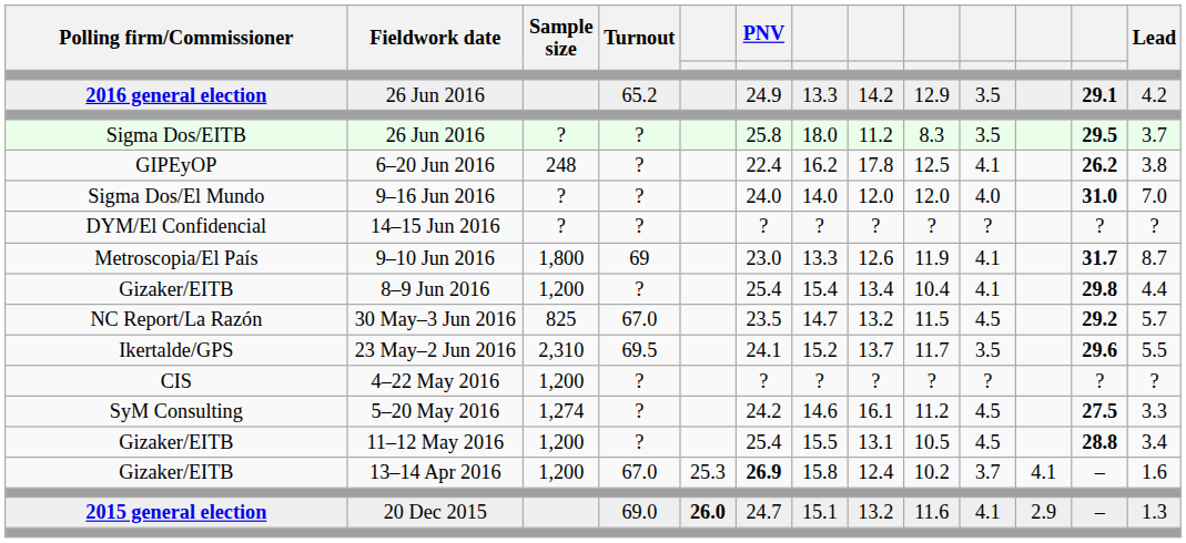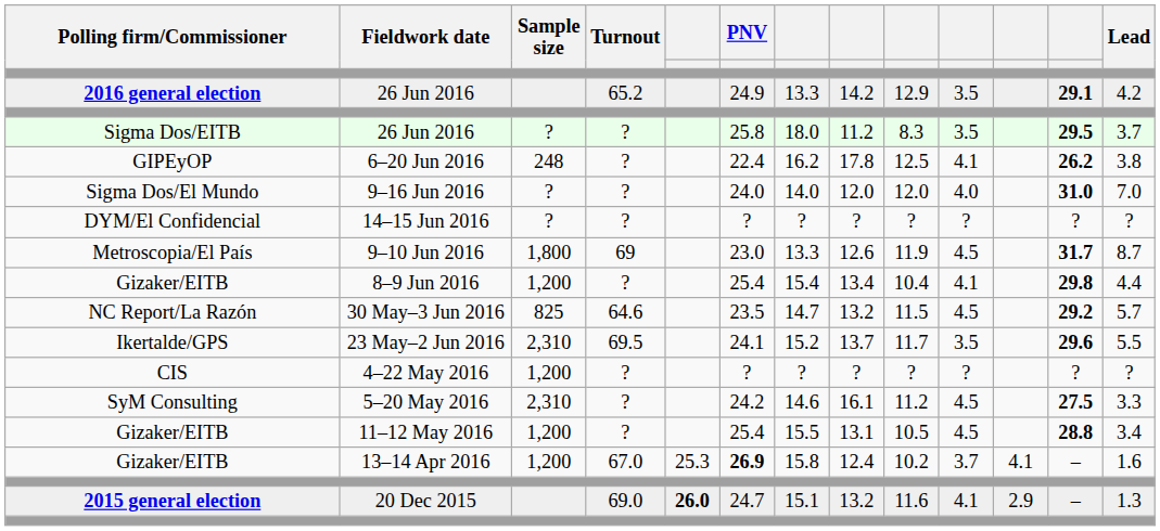 <table class="wikitable collapsible collapsed" style="text-align:center; font-size:95%; line-height:16px;">
 <tr style="height:42px; background-color:#E9E9E9">
 <th style="width:250px;" rowspan="2">Polling firm/Commissioner</th>
 <th style="width:125px;" rowspan="2">Fieldwork date</th>
 <th style="width:50px;" rowspan="2">Sample size</th>
 <th style="width:45px;" rowspan="2">Turnout</th>
 <th style="width:35px;"></th>
 <th style="width:35px;"><a href='#'>PNV</a></th>
 <th style="width:35px;"></th>
 <th style="width:35px;"></th>
 <th style="width:35px;"></th>
 <th style="width:35px;"></th>
 <th style="width:35px;"></th>
 <th style="width:35px;"></th>
 <th style="width:30px;" rowspan="2">Lead</th>
 </tr>
 <tr>
 <th style="color:inherit;background:"></th>
 <th style="color:inherit;background:"></th>
 <th style="color:inherit;background:"></th>
 <th style="color:inherit;background:"></th>
 <th style="color:inherit;background:"></th>
 <th style="color:inherit;background:"></th>
 <th style="color:inherit;background:"></th>
 <th style="color:inherit;background:"></th>
 </tr>
 <tr>
 <td colspan="13" style="background:#A0A0A0"></td>
 </tr>
 <tr style="background:#EFEFEF;">
 <td><strong><a href='#'>2016 general election</a></strong></td>
 <td>26 Jun 2016</td>
 <td></td>
 <td>65.2</td>
 <td></td>
 <td>24.9<br></td>
 <td>13.3<br></td>
 <td>14.2<br></td>
 <td>12.9<br></td>
 <td>3.5<br></td>
 <td></td>
 <td><strong>29.1</strong><br></td>
 <td style="background:">4.2</td>
 </tr>
 <tr>
 <td colspan="13" style="background:#A0A0A0"></td>
 </tr>
 <tr style="background:#EAFFEA;">
 <td>Sigma Dos/EITB</td>
 <td>26 Jun 2016</td>
 <td>?</td>
 <td>?</td>
 <td></td>
 <td>25.8<br></td>
 <td>18.0<br></td>
 <td>11.2<br></td>
 <td>8.3<br></td>
 <td>3.5<br></td>
 <td></td>
 <td><strong>29.5</strong><br></td>
 <td style="background:">3.7</td>
 </tr>
 <tr>
 <td>GIPEyOP</td>
 <td>6–20 Jun 2016</td>
 <td>248</td>
 <td>?</td>
 <td></td>
 <td>22.4<br></td>
 <td>16.2<br></td>
 <td>17.8<br></td>
 <td>12.5<br></td>
 <td>4.1<br></td>
 <td></td>
 <td><strong>26.2</strong><br></td>
 <td style="background:">3.8</td>
 </tr>
 <tr>
 <td>Sigma Dos/El Mundo</td>
 <td>9–16 Jun 2016</td>
 <td>?</td>
 <td>?</td>
 <td></td>
 <td>24.0<br></td>
 <td>14.0<br></td>
 <td>12.0<br></td>
 <td>12.0<br></td>
 <td>4.0<br></td>
 <td></td>
 <td><strong>31.0</strong><br></td>
 <td style="background:">7.0</td>
 </tr>
 <tr>
 <td>DYM/El Confidencial</td>
 <td>14–15 Jun 2016</td>
 <td>?</td>
 <td>?</td>
 <td></td>
 <td>?<br></td>
 <td>?<br></td>
 <td>?<br></td>
 <td>?<br></td>
 <td>?<br></td>
 <td></td>
 <td>?<br></td>
 <td style="background:">?</td>
 </tr>
 <tr>
 <td>Metroscopia/El País</td>
 <td>9–10 Jun 2016</td>
 <td>1,800</td>
 <td>69</td>
 <td></td>
 <td>23.0<br></td>
 <td>13.3<br></td>
 <td>12.6<br></td>
 <td>11.9<br></td>
-<td>4.1<br></td>
+<td>4.5<br></td>
 <td></td>
 <td><strong>31.7</strong><br></td>
 <td style="background:">8.7</td>
 </tr>
 <tr>
 <td>Gizaker/EITB</td>
 <td>8–9 Jun 2016</td>
 <td>1,200</td>
 <td>?</td>
 <td></td>
 <td>25.4<br></td>
 <td>15.4<br></td>
 <td>13.4<br></td>
 <td>10.4<br></td>
 <td>4.1<br></td>
 <td></td>
 <td><strong>29.8</strong><br></td>
 <td style="background:">4.4</td>
 </tr>
 <tr>
 <td>NC Report/La Razón</td>
 <td>30 May–3 Jun 2016</td>
 <td>825</td>
-<td>67.0</td>
+<td>64.6</td>
 <td></td>
 <td>23.5<br></td>
 <td>14.7<br></td>
 <td>13.2<br></td>
 <td>11.5<br></td>
 <td>4.5<br></td>
 <td></td>
 <td><strong>29.2</strong><br></td>
 <td style="background:">5.7</td>
 </tr>
 <tr>
 <td>Ikertalde/GPS</td>
 <td>23 May–2 Jun 2016</td>
 <td>2,310</td>
 <td>69.5</td>
 <td></td>
 <td>24.1<br></td>
 <td>15.2<br></td>
 <td>13.7<br></td>
 <td>11.7<br></td>
 <td>3.5<br></td>
 <td></td>
 <td><strong>29.6</strong><br></td>
 <td style="background:">5.5</td>
 </tr>
 <tr>
 <td>CIS</td>
 <td>4–22 May 2016</td>
 <td>1,200</td>
 <td>?</td>
 <td></td>
 <td>?<br></td>
 <td>?<br></td>
 <td>?<br></td>
 <td>?<br></td>
 <td>?<br></td>
 <td></td>
 <td>?<br></td>
 <td style="background:">?</td>
 </tr>
 <tr>
 <td>SyM Consulting</td>
 <td>5–20 May 2016</td>
-<td>1,274</td>
+<td>2,310</td>
 <td>?</td>
 <td></td>
 <td>24.2<br></td>
 <td>14.6<br></td>
 <td>16.1<br></td>
 <td>11.2<br></td>
 <td>4.5<br></td>
 <td></td>
 <td><strong>27.5</strong><br></td>
 <td style="background:">3.3</td>
 </tr>
 <tr>
 <td>Gizaker/EITB</td>
 <td>11–12 May 2016</td>
 <td>1,200</td>
 <td>?</td>
 <td></td>
 <td>25.4<br></td>
 <td>15.5<br></td>
 <td>13.1<br></td>
 <td>10.5<br></td>
 <td>4.5<br></td>
 <td></td>
 <td><strong>28.8</strong><br></td>
 <td style="background:">3.4</td>
 </tr>
 <tr>
 <td>Gizaker/EITB</td>
 <td>13–14 Apr 2016</td>
 <td>1,200</td>
 <td>67.0</td>
 <td>25.3<br></td>
 <td><strong>26.9</strong><br></td>
 <td>15.8<br></td>
 <td>12.4<br></td>
 <td>10.2<br></td>
 <td>3.7<br></td>
 <td>4.1<br></td>
 <td>–</td>
 <td style="background:">1.6</td>
 </tr>
 <tr>
 <td colspan="13" style="background:#A0A0A0"></td>
 </tr>
 <tr style="background:#EFEFEF;">
 <td><strong><a href='#'>2015 general election</a></strong></td>
 <td>20 Dec 2015</td>
 <td></td>
 <td>69.0</td>
 <td><strong>26.0</strong><br></td>
 <td>24.7<br></td>
 <td>15.1<br></td>
 <td>13.2<br></td>
 <td>11.6<br></td>
 <td>4.1<br></td>
 <td>2.9<br></td>
 <td>–</td>
 <td style="background:">1.3</td>
 </tr>
 <tr>
 <td colspan="13" style="background:#A0A0A0"></td>
 </tr>
 </table>
